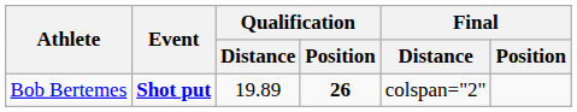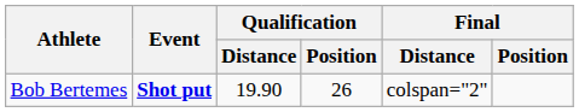 <table class="wikitable" style="font-size:90%">
 <tr>
 <th rowspan="2">Athlete</th>
 <th rowspan="2">Event</th>
 <th colspan="2">Qualification</th>
 <th colspan="2">Final</th>
 </tr>
 <tr>
 <th>Distance</th>
 <th>Position</th>
 <th>Distance</th>
 <th>Position</th>
 </tr>
 <tr style=text-align:center>
 <td style=text-align:left><a href='#'>Bob Bertemes</a></td>
 <td style=text-align:left><strong><a href='#'>Shot put</a></strong></td>
-<td>19.89</td>
-<td><strong>26</strong></td>
+<td>19.90</td>
+<td>26</td>
 <td>colspan="2" </td>
 </tr>
 </table>
